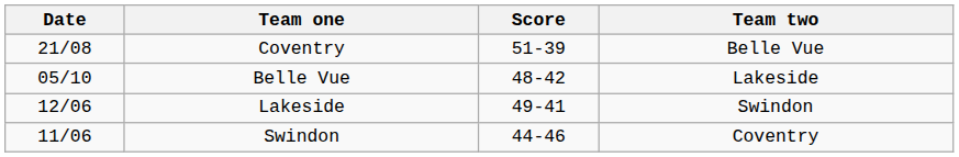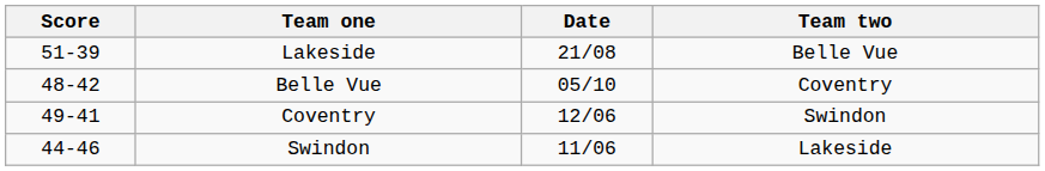 <table class="wikitable" style="text-align: center">
 <tr>
+<th width=80>Score</th>
+<th width=250>Team one</th>
 <th width=80>Date</th>
-<th width=250>Team one</th>
-<th width=80>Score</th>
 <th width=250>Team two</th>
 </tr>
 <tr>
+<td>51-39</td>
+<td>Lakeside</td>
 <td>21/08</td>
-<td>Coventry</td>
-<td>51-39</td>
 <td>Belle Vue</td>
 </tr>
 <tr>
+<td>48-42</td>
+<td>Belle Vue</td>
 <td>05/10</td>
-<td>Belle Vue</td>
-<td>48-42</td>
-<td>Lakeside</td>
+<td>Coventry</td>
 </tr>
 <tr>
+<td>49-41</td>
+<td>Coventry</td>
 <td>12/06</td>
-<td>Lakeside</td>
-<td>49-41</td>
 <td>Swindon</td>
 </tr>
 <tr>
+<td>44-46</td>
+<td>Swindon</td>
 <td>11/06</td>
-<td>Swindon</td>
-<td>44-46</td>
-<td>Coventry</td>
+<td>Lakeside</td>
 </tr>
 </table>
